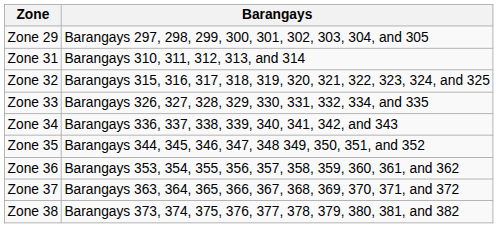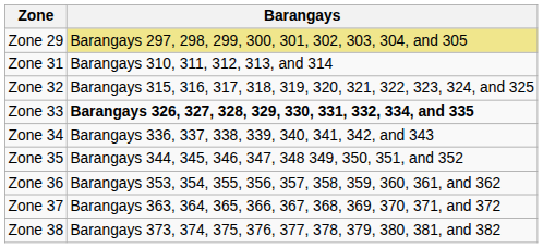 <table class="wikitable">
 <tr>
 <th><strong>Zone</strong></th>
 <th><strong>Barangays</strong></th>
 </tr>
 <tr>
 <td>Zone  29</td>
-<td>Barangays  297, 298, 299, 300, 301, 302, 303, 304, and 305</td>
+<td style="background: khaki;">Barangays  297, 298, 299, 300, 301, 302, 303, 304, and 305</td>
 </tr>
 <tr>
 <td>Zone  31</td>
 <td>Barangays 310, 311, 312, 313, and 314</td>
 </tr>
 <tr>
 <td>Zone  32</td>
 <td>Barangays 315, 316, 317, 318, 319, 320, 321, 322, 323, 324, and 325</td>
 </tr>
 <tr>
 <td>Zone  33</td>
-<td>Barangays 326, 327, 328, 329, 330, 331, 332, 334, and 335</td>
+<td><strong>Barangays 326, 327, 328, 329, 330, 331, 332, 334, and 335</strong></td>
 </tr>
 <tr>
 <td>Zone  34</td>
 <td>Barangays 336, 337, 338, 339, 340, 341, 342, and 343</td>
 </tr>
 <tr>
 <td>Zone  35</td>
 <td>Barangays 344, 345, 346, 347, 348 349, 350, 351, and 352</td>
 </tr>
 <tr>
 <td>Zone  36</td>
 <td>Barangays 353, 354, 355, 356, 357, 358, 359, 360, 361, and 362</td>
 </tr>
 <tr>
 <td>Zone  37</td>
 <td>Barangays 363, 364, 365, 366, 367, 368, 369, 370, 371, and 372</td>
 </tr>
 <tr>
 <td>Zone  38</td>
 <td>Barangays 373, 374, 375, 376, 377, 378, 379, 380, 381, and 382</td>
 </tr>
 </table>
